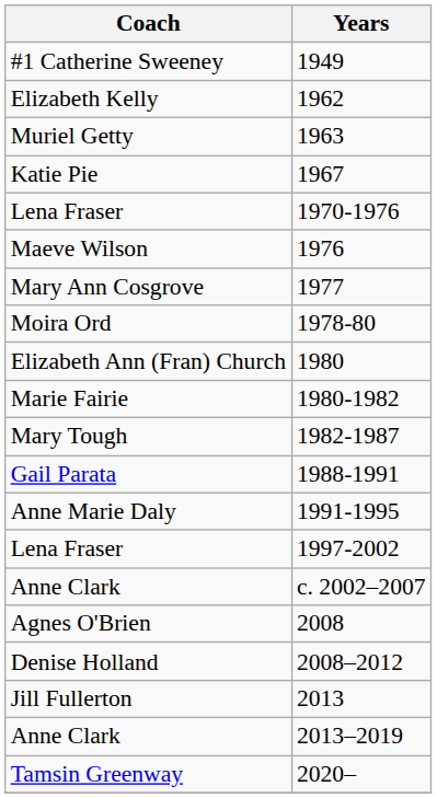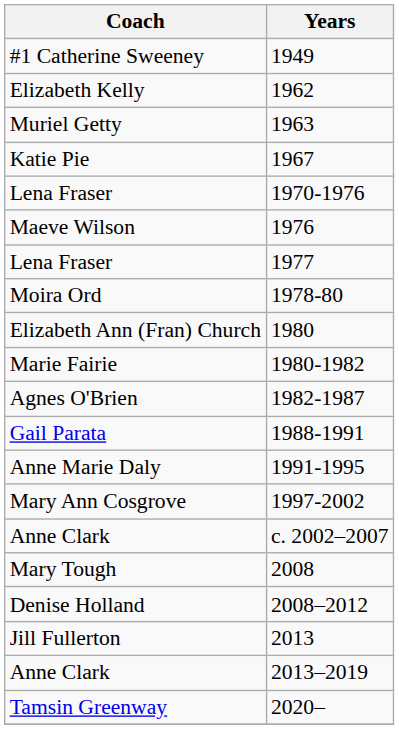 <table class="wikitable collapsible">
 <tr>
 <th>Coach</th>
 <th>Years</th>
 </tr>
 <tr>
 <td> #1 Catherine Sweeney</td>
 <td>1949</td>
 </tr>
 <tr>
 <td> Elizabeth Kelly</td>
 <td>1962</td>
 </tr>
 <tr>
 <td> Muriel Getty</td>
 <td>1963</td>
 </tr>
 <tr>
 <td> Katie Pie</td>
 <td>1967</td>
 </tr>
 <tr>
 <td> Lena Fraser</td>
 <td>1970-1976</td>
 </tr>
 <tr>
 <td> Maeve Wilson</td>
 <td>1976</td>
 </tr>
 <tr>
-<td> Mary Ann Cosgrove</td>
+<td> Lena Fraser</td>
 <td>1977</td>
 </tr>
 <tr>
 <td> Moira Ord</td>
 <td>1978-80</td>
 </tr>
 <tr>
 <td> Elizabeth Ann (Fran) Church</td>
 <td>1980</td>
 </tr>
 <tr>
 <td> Marie Fairie</td>
 <td>1980-1982</td>
 </tr>
 <tr>
-<td> Mary Tough</td>
+<td> Agnes O'Brien</td>
 <td>1982-1987</td>
 </tr>
 <tr>
 <td> <a href='#'>Gail Parata</a></td>
 <td>1988-1991</td>
 </tr>
 <tr>
 <td> Anne Marie Daly</td>
 <td>1991-1995</td>
 </tr>
 <tr>
-<td> Lena Fraser</td>
+<td> Mary Ann Cosgrove</td>
 <td>1997-2002</td>
 </tr>
 <tr>
 <td> Anne Clark </td>
 <td>c. 2002–2007</td>
 </tr>
 <tr>
-<td> Agnes O'Brien</td>
+<td> Mary Tough</td>
 <td>2008</td>
 </tr>
 <tr>
 <td> Denise Holland </td>
 <td>2008–2012</td>
 </tr>
 <tr>
 <td> Jill Fullerton</td>
 <td>2013</td>
 </tr>
 <tr>
 <td> Anne Clark</td>
 <td>2013–2019</td>
 </tr>
 <tr>
 <td> <a href='#'>Tamsin Greenway</a></td>
 <td>2020–</td>
 </tr>
 <tr>
 </tr>
 </table>
